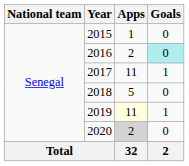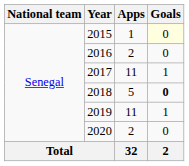 <table class="wikitable" style="text-align: center">
 <tr>
 <th>National team</th>
 <th>Year</th>
 <th>Apps</th>
 <th>Goals</th>
 </tr>
 <tr>
 <td rowspan="6"><a href='#'>Senegal</a></td>
 <td>2015</td>
 <td>1</td>
-<td>0</td>
+<td style="background: lightyellow;">0</td>
 </tr>
 <tr>
 <td>2016</td>
 <td>2</td>
-<td style="background: paleturquoise;">0</td>
+<td>0</td>
 </tr>
 <tr>
 <td>2017</td>
 <td>11</td>
 <td>1</td>
 </tr>
 <tr>
 <td>2018</td>
 <td>5</td>
-<td>0</td>
+<td><strong>0</strong></td>
 </tr>
 <tr>
 <td>2019</td>
-<td style="background: lightyellow;">11</td>
+<td>11</td>
 <td>1</td>
 </tr>
 <tr>
 <td>2020</td>
-<td style="background: lightgrey;">2</td>
+<td>2</td>
 <td>0</td>
 </tr>
 <tr>
 <th colspan="2">Total</th>
 <th>32</th>
 <th>2</th>
 </tr>
 </table>
